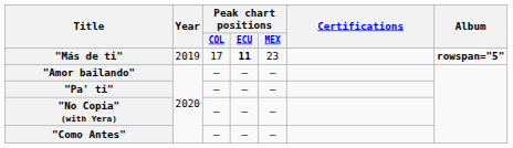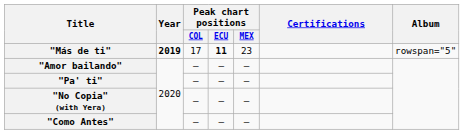 <table class="wikitable plainrowheaders" style="text-align:center;">
 <tr>
 <th scope="col" rowspan="2" style="width:16em;">Title</th>
 <th scope="col" rowspan="2">Year</th>
 <th scope="col" colspan="3">Peak chart positions</th>
 <th scope="col" rowspan="2" style="width:14em;"><a href='#'>Certifications</a></th>
 <th scope="col" rowspan="2">Album</th>
 </tr>
 <tr>
 <th scope="col" style="width:2.75em;font-size:85%;"><a href='#'>COL</a><br></th>
 <th scope="col" style="width:2.75em;font-size:85%;"><a href='#'>ECU</a><br></th>
 <th scope="col" style="width:2.75em;font-size:85%;"><a href='#'>MEX</a><br></th>
 </tr>
 <tr>
 <th scope="row">"Más de ti"</th>
-<td>2019</td>
+<td><strong>2019</strong></td>
 <td>17</td>
 <td><strong>11</strong></td>
 <td>23</td>
 <td></td>
-<td><strong>rowspan="5" </strong></td>
+<td>rowspan="5" </td>
 </tr>
 <tr>
 <th scope="row">"Amor bailando"</th>
 <td rowspan="4">2020</td>
 <td>—</td>
 <td>—</td>
 <td>—</td>
 <td></td>
 </tr>
 <tr>
 <th scope="row">"Pa' ti"</th>
 <td>—</td>
 <td>—</td>
 <td>—</td>
 <td></td>
 </tr>
 <tr>
 <th scope="row">"No Copia" <br><small>(with Yera)</small></th>
 <td>—</td>
 <td>—</td>
 <td>—</td>
 <td></td>
 </tr>
 <tr>
 <th scope="row">"Como Antes"</th>
 <td>—</td>
 <td>—</td>
 <td>—</td>
 <td></td>
 </tr>
 </table>
